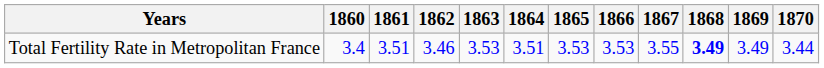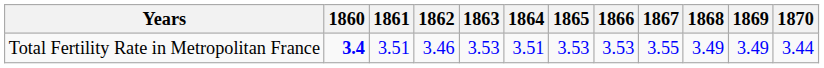 <table class="wikitable " style="text-align:right">
 <tr>
 <th>Years</th>
 <th>1860</th>
 <th>1861</th>
 <th>1862</th>
 <th>1863</th>
 <th>1864</th>
 <th>1865</th>
 <th>1866</th>
 <th>1867</th>
 <th>1868</th>
 <th>1869</th>
 <th>1870</th>
 </tr>
 <tr>
 <td style="text-align:left;">Total Fertility Rate in Metropolitan France</td>
-<td style="text-align:right; color:blue;">3.4</td>
+<td style="text-align:right; color:blue;"><strong>3.4</strong></td>
 <td style="text-align:right; color:blue;">3.51</td>
 <td style="text-align:right; color:blue;">3.46</td>
 <td style="text-align:right; color:blue;">3.53</td>
 <td style="text-align:right; color:blue;">3.51</td>
 <td style="text-align:right; color:blue;">3.53</td>
 <td style="text-align:right; color:blue;">3.53</td>
 <td style="text-align:right; color:blue;">3.55</td>
-<td style="text-align:right; color:blue;"><strong>3.49</strong></td>
+<td style="text-align:right; color:blue;">3.49</td>
 <td style="text-align:right; color:blue;">3.49</td>
 <td style="text-align:right; color:blue;">3.44</td>
 </tr>
 </table>
